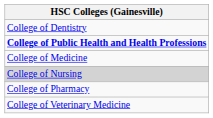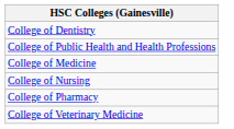 <table class="wikitable" style="float:center; margin:9px; border:1px solid;">
 <tr>
 <th colspan="20" bgcolor="blue">HSC Colleges (Gainesville)</th>
 </tr>
 <tr>
 <td><a href='#'>College of Dentistry</a></td>
 </tr>
 <tr>
-<td><strong><a href='#'>College of Public Health and Health Professions</a></strong></td>
+<td><a href='#'>College of Public Health and Health Professions</a></td>
 </tr>
 <tr>
 <td><a href='#'>College of Medicine</a></td>
 </tr>
 <tr>
-<td style="background: lightgrey;"><a href='#'>College of Nursing</a></td>
+<td><a href='#'>College of Nursing</a></td>
 </tr>
 <tr>
 <td><a href='#'>College of Pharmacy</a></td>
 </tr>
 <tr>
 <td><a href='#'>College of Veterinary Medicine</a></td>
 </tr>
 </table>
